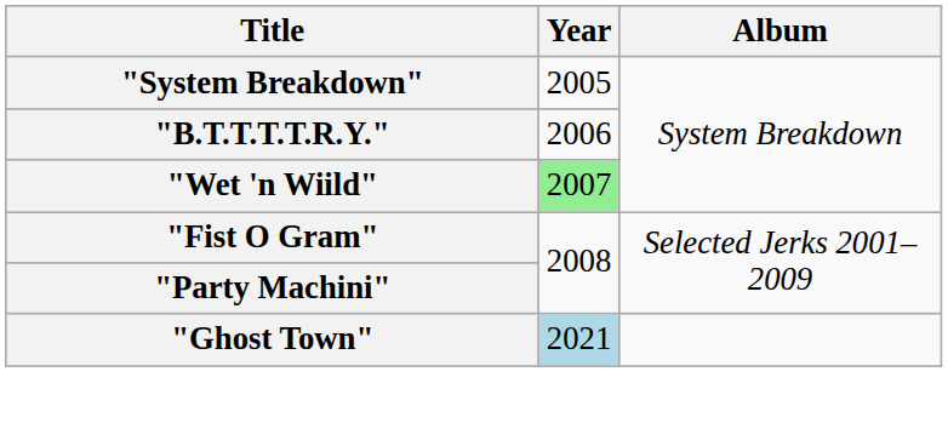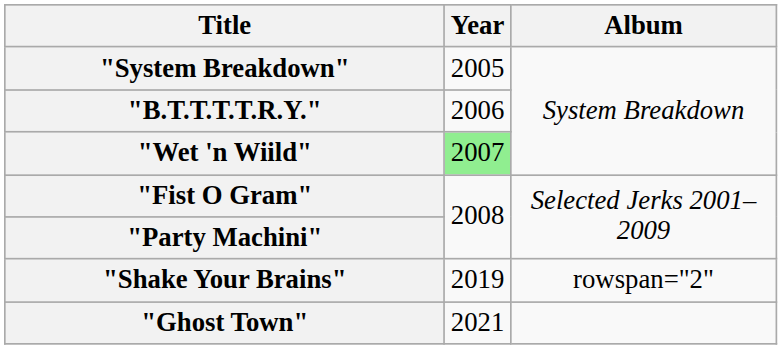 <table class="wikitable plainrowheaders" style="text-align:center;">
 <tr>
 <th scope="col" style="width:16em;">Title</th>
 <th scope="col" style="width:1em;">Year</th>
 <th scope="col" style="width:9.5em;">Album</th>
 </tr>
 <tr>
 <th scope="row">"System Breakdown"</th>
 <td>2005</td>
 <td rowspan="3"><em>System Breakdown</em></td>
 </tr>
 <tr>
 <th scope="row">"B.T.T.T.T.R.Y."</th>
 <td>2006</td>
 </tr>
 <tr>
 <th scope="row">"Wet 'n Wiild"</th>
 <td style="background: lightgreen;">2007</td>
 </tr>
 <tr>
 <th scope="row">"Fist O Gram"</th>
 <td rowspan="2">2008</td>
 <td rowspan="2"><em>Selected Jerks 2001–2009</em></td>
 </tr>
 <tr>
 <th scope="row">"Party Machini"</th>
 </tr>
 <tr>
+<th scope="row">"Shake Your Brains"</th>
+<td>2019</td>
+<td>rowspan="2" </td>
+</tr>
+<tr>
 <th scope="row">"Ghost Town" </th>
-<td style="background: lightblue;">2021</td>
+<td>2021</td>
 </tr>
 </table>
